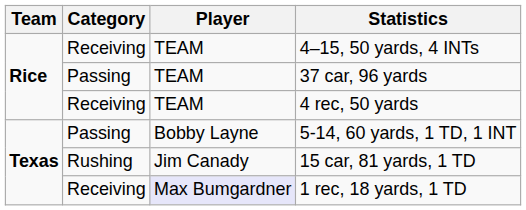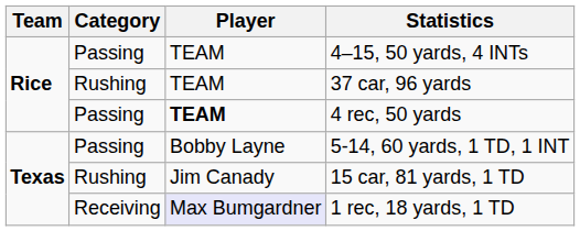 <table class="wikitable" style="float: right;">
 <tr>
 <th>Team</th>
 <th>Category</th>
 <th>Player</th>
 <th>Statistics</th>
 </tr>
 <tr>
 <td rowspan=3><strong>Rice</strong></td>
-<td>Receiving</td>
+<td>Passing</td>
 <td>TEAM</td>
 <td>4–15, 50 yards, 4 INTs</td>
 </tr>
 <tr>
-<td>Passing</td>
+<td>Rushing</td>
 <td>TEAM</td>
 <td>37 car, 96 yards</td>
 </tr>
 <tr>
-<td>Receiving</td>
-<td>TEAM</td>
+<td>Passing</td>
+<td><strong>TEAM</strong></td>
 <td>4 rec, 50 yards</td>
 </tr>
 <tr>
 <td rowspan=3><strong>Texas</strong></td>
 <td>Passing</td>
 <td>Bobby Layne</td>
 <td>5-14, 60 yards, 1 TD, 1 INT</td>
 </tr>
 <tr>
 <td>Rushing</td>
 <td>Jim Canady</td>
 <td>15 car, 81 yards, 1 TD</td>
 </tr>
 <tr>
 <td>Receiving</td>
 <td style="background: lavender;">Max Bumgardner</td>
 <td>1 rec, 18 yards, 1 TD</td>
 </tr>
 </table>
